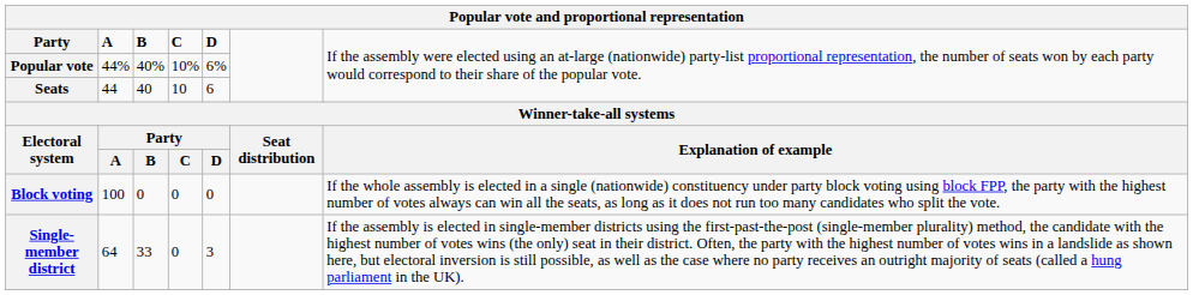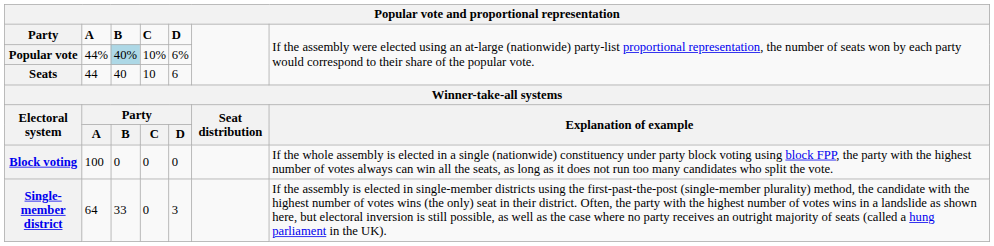 <table class="wikitable">
 <tr>
 <th colspan="7">Popular vote and proportional representation</th>
 </tr>
 <tr>
 <th>Party</th>
 <td><strong>A</strong></td>
 <td><strong>B</strong></td>
 <td><strong>C</strong></td>
 <td><strong>D</strong></td>
 <td rowspan="3"></td>
 <td rowspan="3">If the assembly were elected using an at-large (nationwide) party-list <a href='#'>proportional representation</a>, the number of seats won by each party would correspond to their share of the popular vote.</td>
 </tr>
 <tr>
 <th>Popular vote</th>
 <td>44%</td>
-<td>40%</td>
+<td style="background: lightblue;">40%</td>
 <td>10%</td>
 <td>6%</td>
 </tr>
 <tr>
 <th>Seats</th>
 <td>44</td>
 <td>40</td>
 <td>10</td>
 <td>6</td>
 </tr>
 <tr>
 <th colspan="7">Winner-take-all systems</th>
 </tr>
 <tr>
 <th rowspan="2">Electoral system</th>
 <th colspan="4">Party</th>
 <th rowspan="2">Seat distribution</th>
 <th rowspan="2">Explanation of example</th>
 </tr>
 <tr>
 <th>A</th>
 <th>B</th>
 <th>C</th>
 <th>D</th>
 </tr>
 <tr>
 <th><a href='#'>Block voting</a></th>
 <td>100</td>
 <td>0</td>
 <td>0</td>
 <td>0</td>
 <td></td>
 <td>If the whole assembly is elected in a single (nationwide) constituency under party block voting using <a href='#'>block FPP</a>, the party with the highest number of votes always can win all the seats, as long as it does not run too many candidates who split the vote.</td>
 </tr>
 <tr>
 <th><a href='#'>Single-member district</a></th>
 <td>64</td>
 <td>33</td>
 <td>0</td>
 <td>3</td>
 <td></td>
 <td>If the assembly is elected in single-member districts using the first-past-the-post (single-member plurality) method, the candidate with the highest number of votes wins (the only) seat in their district. Often, the party with the highest number of votes wins in a landslide as shown here, but electoral inversion is still possible, as well as the case where no party receives an outright majority of seats (called a <a href='#'>hung parliament</a> in the UK).</td>
 </tr>
 </table>
